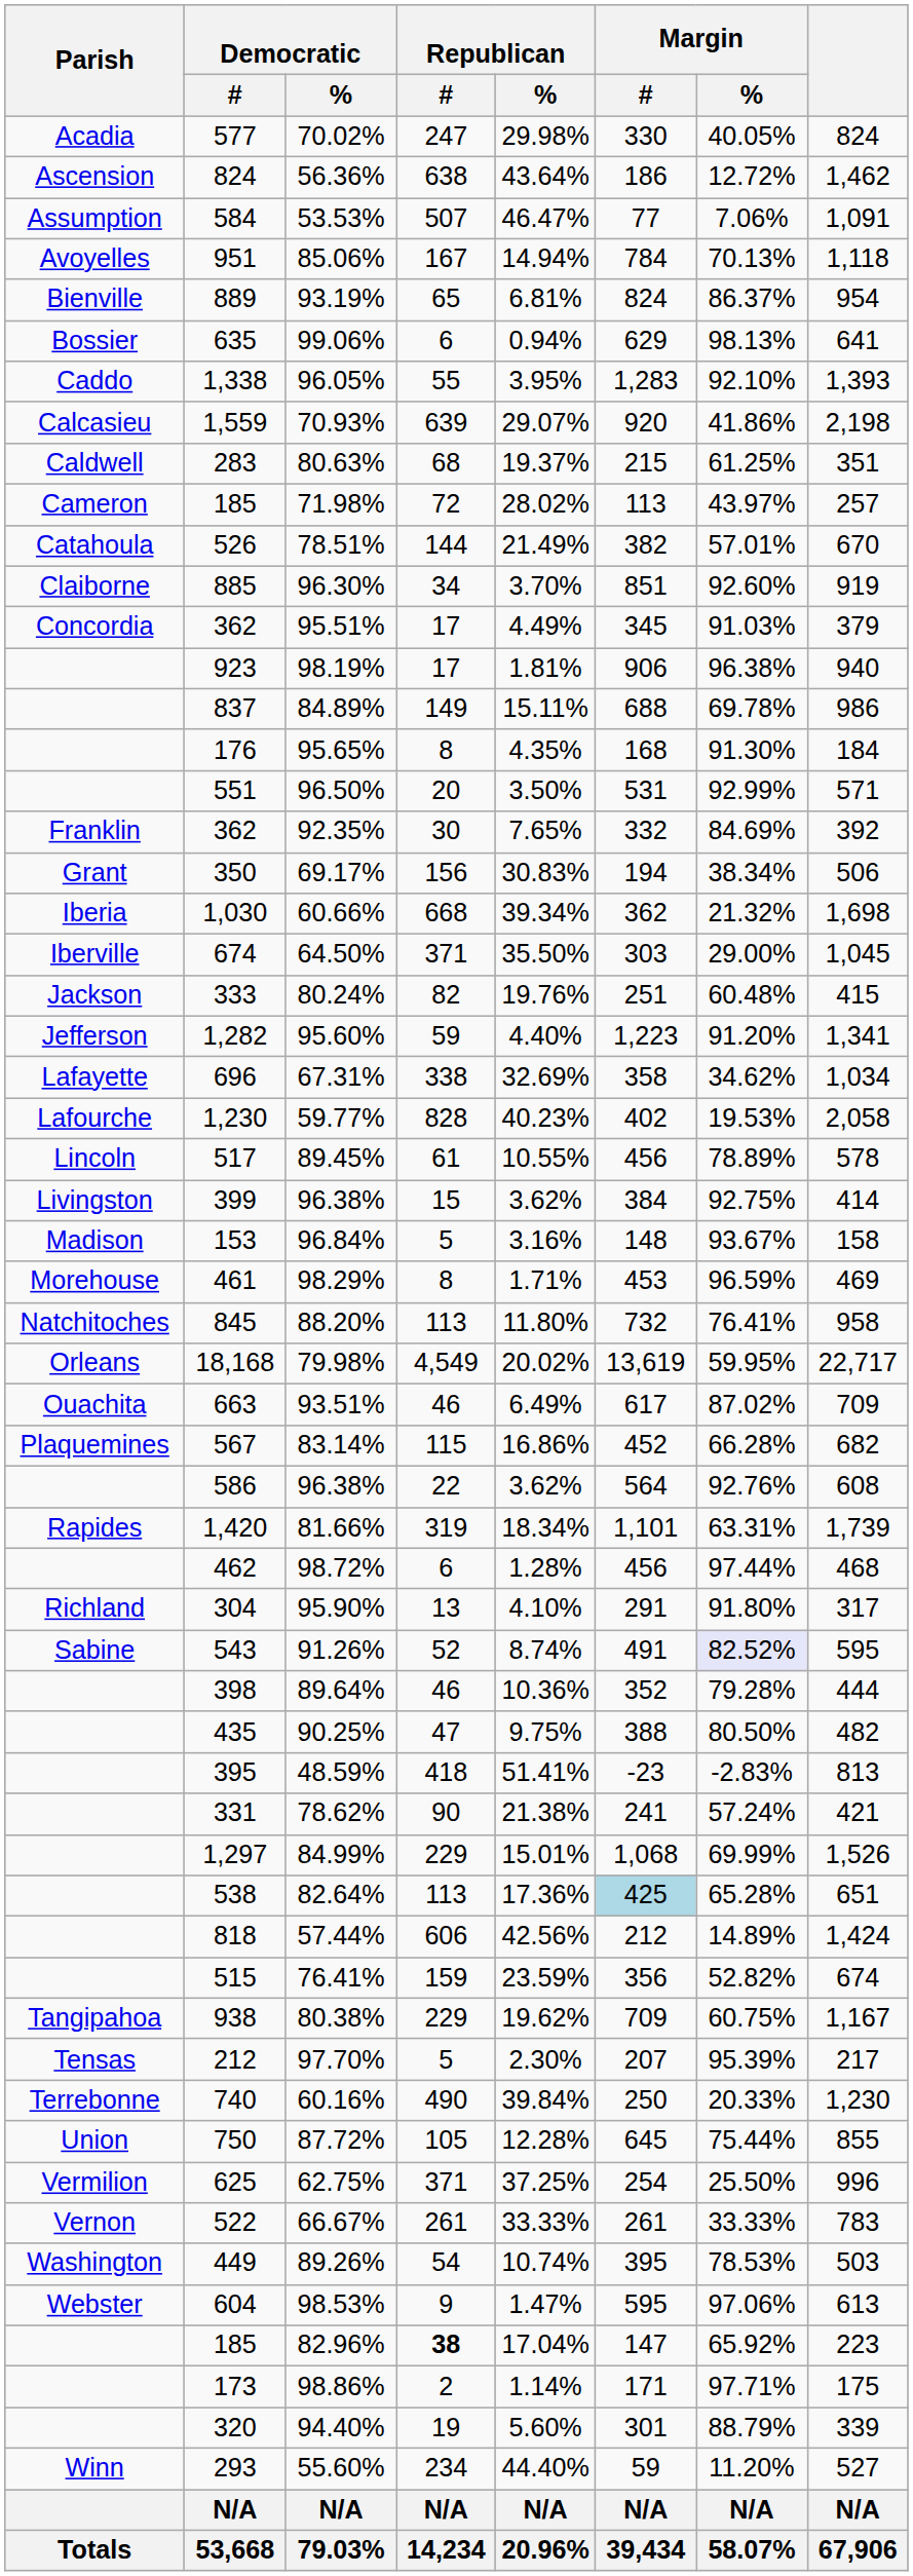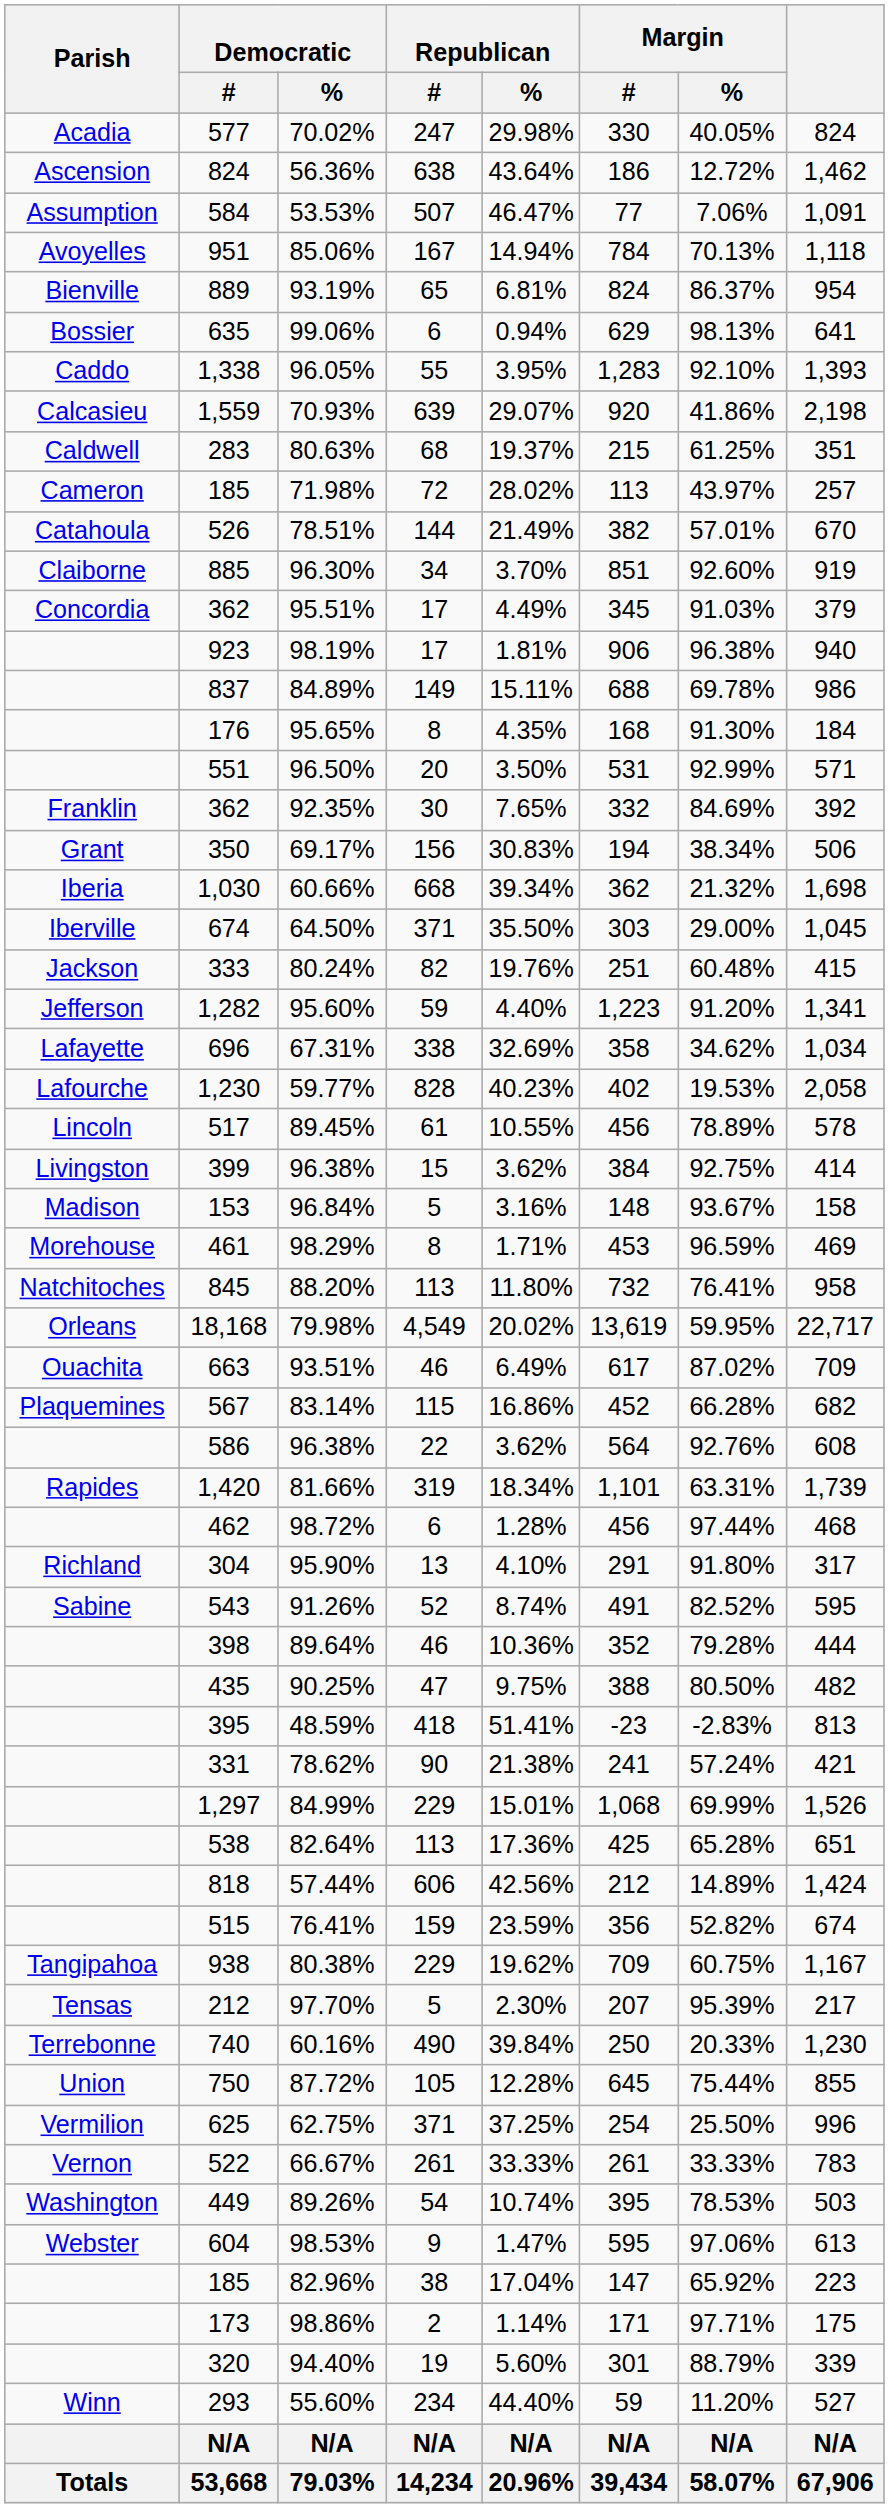 <table class="wikitable sortable mw-collapsible mw-collapsed">
 <tr>
 <th rowspan="2">Parish</th>
 <th colspan="2"><br>Democratic</th>
 <th colspan="2"><br>Republican</th>
 <th colspan="2">Margin</th>
 <th rowspan="2"></th>
 </tr>
 <tr>
 <th data-sort-type="number">#</th>
 <th data-sort-type="number">%</th>
 <th data-sort-type="number" width="11%">#</th>
 <th data-sort-type="number" width="11%">%</th>
 <th data-sort-type="number">#</th>
 <th data-sort-type="number">%</th>
 </tr>
 <tr style="text-align:center">
 <td><a href='#'>Acadia</a></td>
 <td>577</td>
 <td>70.02%</td>
 <td>247</td>
 <td>29.98%</td>
 <td>330</td>
 <td>40.05%</td>
 <td>824</td>
 </tr>
 <tr style="text-align:center">
 <td><a href='#'>Ascension</a></td>
 <td>824</td>
 <td>56.36%</td>
 <td>638</td>
 <td>43.64%</td>
 <td>186</td>
 <td>12.72%</td>
 <td>1,462</td>
 </tr>
 <tr style="text-align:center">
 <td><a href='#'>Assumption</a></td>
 <td>584</td>
 <td>53.53%</td>
 <td>507</td>
 <td>46.47%</td>
 <td>77</td>
 <td>7.06%</td>
 <td>1,091</td>
 </tr>
 <tr style="text-align:center">
 <td><a href='#'>Avoyelles</a></td>
 <td>951</td>
 <td>85.06%</td>
 <td>167</td>
 <td>14.94%</td>
 <td>784</td>
 <td>70.13%</td>
 <td>1,118</td>
 </tr>
 <tr style="text-align:center">
 <td><a href='#'>Bienville</a></td>
 <td>889</td>
 <td>93.19%</td>
 <td>65</td>
 <td>6.81%</td>
 <td>824</td>
 <td>86.37%</td>
 <td>954</td>
 </tr>
 <tr style="text-align:center">
 <td><a href='#'>Bossier</a></td>
 <td>635</td>
 <td>99.06%</td>
 <td>6</td>
 <td>0.94%</td>
 <td>629</td>
 <td>98.13%</td>
 <td>641</td>
 </tr>
 <tr style="text-align:center">
 <td><a href='#'>Caddo</a></td>
 <td>1,338</td>
 <td>96.05%</td>
 <td>55</td>
 <td>3.95%</td>
 <td>1,283</td>
 <td>92.10%</td>
 <td>1,393</td>
 </tr>
 <tr style="text-align:center">
 <td><a href='#'>Calcasieu</a></td>
 <td>1,559</td>
 <td>70.93%</td>
 <td>639</td>
 <td>29.07%</td>
 <td>920</td>
 <td>41.86%</td>
 <td>2,198</td>
 </tr>
 <tr style="text-align:center">
 <td><a href='#'>Caldwell</a></td>
 <td>283</td>
 <td>80.63%</td>
 <td>68</td>
 <td>19.37%</td>
 <td>215</td>
 <td>61.25%</td>
 <td>351</td>
 </tr>
 <tr style="text-align:center">
 <td><a href='#'>Cameron</a></td>
 <td>185</td>
 <td>71.98%</td>
 <td>72</td>
 <td>28.02%</td>
 <td>113</td>
 <td>43.97%</td>
 <td>257</td>
 </tr>
 <tr style="text-align:center">
 <td><a href='#'>Catahoula</a></td>
 <td>526</td>
 <td>78.51%</td>
 <td>144</td>
 <td>21.49%</td>
 <td>382</td>
 <td>57.01%</td>
 <td>670</td>
 </tr>
 <tr style="text-align:center">
 <td><a href='#'>Claiborne</a></td>
 <td>885</td>
 <td>96.30%</td>
 <td>34</td>
 <td>3.70%</td>
 <td>851</td>
 <td>92.60%</td>
 <td>919</td>
 </tr>
 <tr style="text-align:center">
 <td><a href='#'>Concordia</a></td>
 <td>362</td>
 <td>95.51%</td>
 <td>17</td>
 <td>4.49%</td>
 <td>345</td>
 <td>91.03%</td>
 <td>379</td>
 </tr>
 <tr style="text-align:center">
 <td></td>
 <td>923</td>
 <td>98.19%</td>
 <td>17</td>
 <td>1.81%</td>
 <td>906</td>
 <td>96.38%</td>
 <td>940</td>
 </tr>
 <tr style="text-align:center">
 <td></td>
 <td>837</td>
 <td>84.89%</td>
 <td>149</td>
 <td>15.11%</td>
 <td>688</td>
 <td>69.78%</td>
 <td>986</td>
 </tr>
 <tr style="text-align:center">
 <td></td>
 <td>176</td>
 <td>95.65%</td>
 <td>8</td>
 <td>4.35%</td>
 <td>168</td>
 <td>91.30%</td>
 <td>184</td>
 </tr>
 <tr style="text-align:center">
 <td></td>
 <td>551</td>
 <td>96.50%</td>
 <td>20</td>
 <td>3.50%</td>
 <td>531</td>
 <td>92.99%</td>
 <td>571</td>
 </tr>
 <tr style="text-align:center">
 <td><a href='#'>Franklin</a></td>
 <td>362</td>
 <td>92.35%</td>
 <td>30</td>
 <td>7.65%</td>
 <td>332</td>
 <td>84.69%</td>
 <td>392</td>
 </tr>
 <tr style="text-align:center">
 <td><a href='#'>Grant</a></td>
 <td>350</td>
 <td>69.17%</td>
 <td>156</td>
 <td>30.83%</td>
 <td>194</td>
 <td>38.34%</td>
 <td>506</td>
 </tr>
 <tr style="text-align:center">
 <td><a href='#'>Iberia</a></td>
 <td>1,030</td>
 <td>60.66%</td>
 <td>668</td>
 <td>39.34%</td>
 <td>362</td>
 <td>21.32%</td>
 <td>1,698</td>
 </tr>
 <tr style="text-align:center">
 <td><a href='#'>Iberville</a></td>
 <td>674</td>
 <td>64.50%</td>
 <td>371</td>
 <td>35.50%</td>
 <td>303</td>
 <td>29.00%</td>
 <td>1,045</td>
 </tr>
 <tr style="text-align:center">
 <td><a href='#'>Jackson</a></td>
 <td>333</td>
 <td>80.24%</td>
 <td>82</td>
 <td>19.76%</td>
 <td>251</td>
 <td>60.48%</td>
 <td>415</td>
 </tr>
 <tr style="text-align:center">
 <td><a href='#'>Jefferson</a></td>
 <td>1,282</td>
 <td>95.60%</td>
 <td>59</td>
 <td>4.40%</td>
 <td>1,223</td>
 <td>91.20%</td>
 <td>1,341</td>
 </tr>
 <tr style="text-align:center">
 <td><a href='#'>Lafayette</a></td>
 <td>696</td>
 <td>67.31%</td>
 <td>338</td>
 <td>32.69%</td>
 <td>358</td>
 <td>34.62%</td>
 <td>1,034</td>
 </tr>
 <tr style="text-align:center">
 <td><a href='#'>Lafourche</a></td>
 <td>1,230</td>
 <td>59.77%</td>
 <td>828</td>
 <td>40.23%</td>
 <td>402</td>
 <td>19.53%</td>
 <td>2,058</td>
 </tr>
 <tr style="text-align:center">
 <td><a href='#'>Lincoln</a></td>
 <td>517</td>
 <td>89.45%</td>
 <td>61</td>
 <td>10.55%</td>
 <td>456</td>
 <td>78.89%</td>
 <td>578</td>
 </tr>
 <tr style="text-align:center">
 <td><a href='#'>Livingston</a></td>
 <td>399</td>
 <td>96.38%</td>
 <td>15</td>
 <td>3.62%</td>
 <td>384</td>
 <td>92.75%</td>
 <td>414</td>
 </tr>
 <tr style="text-align:center">
 <td><a href='#'>Madison</a></td>
 <td>153</td>
 <td>96.84%</td>
 <td>5</td>
 <td>3.16%</td>
 <td>148</td>
 <td>93.67%</td>
 <td>158</td>
 </tr>
 <tr style="text-align:center">
 <td><a href='#'>Morehouse</a></td>
 <td>461</td>
 <td>98.29%</td>
 <td>8</td>
 <td>1.71%</td>
 <td>453</td>
 <td>96.59%</td>
 <td>469</td>
 </tr>
 <tr style="text-align:center">
 <td><a href='#'>Natchitoches</a></td>
 <td>845</td>
 <td>88.20%</td>
 <td>113</td>
 <td>11.80%</td>
 <td>732</td>
 <td>76.41%</td>
 <td>958</td>
 </tr>
 <tr style="text-align:center">
 <td><a href='#'>Orleans</a></td>
 <td>18,168</td>
 <td>79.98%</td>
 <td>4,549</td>
 <td>20.02%</td>
 <td>13,619</td>
 <td>59.95%</td>
 <td>22,717</td>
 </tr>
 <tr style="text-align:center">
 <td><a href='#'>Ouachita</a></td>
 <td>663</td>
 <td>93.51%</td>
 <td>46</td>
 <td>6.49%</td>
 <td>617</td>
 <td>87.02%</td>
 <td>709</td>
 </tr>
 <tr style="text-align:center">
 <td><a href='#'>Plaquemines</a></td>
 <td>567</td>
 <td>83.14%</td>
 <td>115</td>
 <td>16.86%</td>
 <td>452</td>
 <td>66.28%</td>
 <td>682</td>
 </tr>
 <tr style="text-align:center">
 <td></td>
 <td>586</td>
 <td>96.38%</td>
 <td>22</td>
 <td>3.62%</td>
 <td>564</td>
 <td>92.76%</td>
 <td>608</td>
 </tr>
 <tr style="text-align:center">
 <td><a href='#'>Rapides</a></td>
 <td>1,420</td>
 <td>81.66%</td>
 <td>319</td>
 <td>18.34%</td>
 <td>1,101</td>
 <td>63.31%</td>
 <td>1,739</td>
 </tr>
 <tr style="text-align:center">
 <td></td>
 <td>462</td>
 <td>98.72%</td>
 <td>6</td>
 <td>1.28%</td>
 <td>456</td>
 <td>97.44%</td>
 <td>468</td>
 </tr>
 <tr style="text-align:center">
 <td><a href='#'>Richland</a></td>
 <td>304</td>
 <td>95.90%</td>
 <td>13</td>
 <td>4.10%</td>
 <td>291</td>
 <td>91.80%</td>
 <td>317</td>
 </tr>
 <tr style="text-align:center">
 <td><a href='#'>Sabine</a></td>
 <td>543</td>
 <td>91.26%</td>
 <td>52</td>
 <td>8.74%</td>
 <td>491</td>
-<td style="background: lavender;">82.52%</td>
+<td>82.52%</td>
 <td>595</td>
 </tr>
 <tr style="text-align:center">
 <td></td>
 <td>398</td>
 <td>89.64%</td>
 <td>46</td>
 <td>10.36%</td>
 <td>352</td>
 <td>79.28%</td>
 <td>444</td>
 </tr>
 <tr style="text-align:center">
 <td></td>
 <td>435</td>
 <td>90.25%</td>
 <td>47</td>
 <td>9.75%</td>
 <td>388</td>
 <td>80.50%</td>
 <td>482</td>
 </tr>
 <tr style="text-align:center">
 <td></td>
 <td>395</td>
 <td>48.59%</td>
 <td>418</td>
 <td>51.41%</td>
 <td>-23</td>
 <td>-2.83%</td>
 <td>813</td>
 </tr>
 <tr style="text-align:center">
 <td></td>
 <td>331</td>
 <td>78.62%</td>
 <td>90</td>
 <td>21.38%</td>
 <td>241</td>
 <td>57.24%</td>
 <td>421</td>
 </tr>
 <tr style="text-align:center">
 <td></td>
 <td>1,297</td>
 <td>84.99%</td>
 <td>229</td>
 <td>15.01%</td>
 <td>1,068</td>
 <td>69.99%</td>
 <td>1,526</td>
 </tr>
 <tr style="text-align:center">
 <td></td>
 <td>538</td>
 <td>82.64%</td>
 <td>113</td>
 <td>17.36%</td>
-<td style="background: lightblue;">425</td>
+<td>425</td>
 <td>65.28%</td>
 <td>651</td>
 </tr>
 <tr style="text-align:center">
 <td></td>
 <td>818</td>
 <td>57.44%</td>
 <td>606</td>
 <td>42.56%</td>
 <td>212</td>
 <td>14.89%</td>
 <td>1,424</td>
 </tr>
 <tr style="text-align:center">
 <td></td>
 <td>515</td>
 <td>76.41%</td>
 <td>159</td>
 <td>23.59%</td>
 <td>356</td>
 <td>52.82%</td>
 <td>674</td>
 </tr>
 <tr style="text-align:center">
 <td><a href='#'>Tangipahoa</a></td>
 <td>938</td>
 <td>80.38%</td>
 <td>229</td>
 <td>19.62%</td>
 <td>709</td>
 <td>60.75%</td>
 <td>1,167</td>
 </tr>
 <tr style="text-align:center">
 <td><a href='#'>Tensas</a></td>
 <td>212</td>
 <td>97.70%</td>
 <td>5</td>
 <td>2.30%</td>
 <td>207</td>
 <td>95.39%</td>
 <td>217</td>
 </tr>
 <tr style="text-align:center">
 <td><a href='#'>Terrebonne</a></td>
 <td>740</td>
 <td>60.16%</td>
 <td>490</td>
 <td>39.84%</td>
 <td>250</td>
 <td>20.33%</td>
 <td>1,230</td>
 </tr>
 <tr style="text-align:center">
 <td><a href='#'>Union</a></td>
 <td>750</td>
 <td>87.72%</td>
 <td>105</td>
 <td>12.28%</td>
 <td>645</td>
 <td>75.44%</td>
 <td>855</td>
 </tr>
 <tr style="text-align:center">
 <td><a href='#'>Vermilion</a></td>
 <td>625</td>
 <td>62.75%</td>
 <td>371</td>
 <td>37.25%</td>
 <td>254</td>
 <td>25.50%</td>
 <td>996</td>
 </tr>
 <tr style="text-align:center">
 <td><a href='#'>Vernon</a></td>
 <td>522</td>
 <td>66.67%</td>
 <td>261</td>
 <td>33.33%</td>
 <td>261</td>
 <td>33.33%</td>
 <td>783</td>
 </tr>
 <tr style="text-align:center">
 <td><a href='#'>Washington</a></td>
 <td>449</td>
 <td>89.26%</td>
 <td>54</td>
 <td>10.74%</td>
 <td>395</td>
 <td>78.53%</td>
 <td>503</td>
 </tr>
 <tr style="text-align:center">
 <td><a href='#'>Webster</a></td>
 <td>604</td>
 <td>98.53%</td>
 <td>9</td>
 <td>1.47%</td>
 <td>595</td>
 <td>97.06%</td>
 <td>613</td>
 </tr>
 <tr style="text-align:center">
 <td></td>
 <td>185</td>
 <td>82.96%</td>
-<td><strong>38</strong></td>
+<td>38</td>
 <td>17.04%</td>
 <td>147</td>
 <td>65.92%</td>
 <td>223</td>
 </tr>
 <tr style="text-align:center">
 <td></td>
 <td>173</td>
 <td>98.86%</td>
 <td>2</td>
 <td>1.14%</td>
 <td>171</td>
 <td>97.71%</td>
 <td>175</td>
 </tr>
 <tr style="text-align:center">
 <td></td>
 <td>320</td>
 <td>94.40%</td>
 <td>19</td>
 <td>5.60%</td>
 <td>301</td>
 <td>88.79%</td>
 <td>339</td>
 </tr>
 <tr style="text-align:center">
 <td><a href='#'>Winn</a></td>
 <td>293</td>
 <td>55.60%</td>
 <td>234</td>
 <td>44.40%</td>
 <td>59</td>
 <td>11.20%</td>
 <td>527</td>
 </tr>
 <tr style="text-align:center">
 <th></th>
 <th>N/A</th>
 <th>N/A</th>
 <th>N/A</th>
 <th>N/A</th>
 <th>N/A</th>
 <th>N/A</th>
 <th>N/A</th>
 </tr>
 <tr style="text-align:center">
 <th>Totals</th>
 <th>53,668</th>
 <th>79.03%</th>
 <th>14,234</th>
 <th>20.96%</th>
 <th>39,434</th>
 <th>58.07%</th>
 <th>67,906</th>
 </tr>
 </table>
